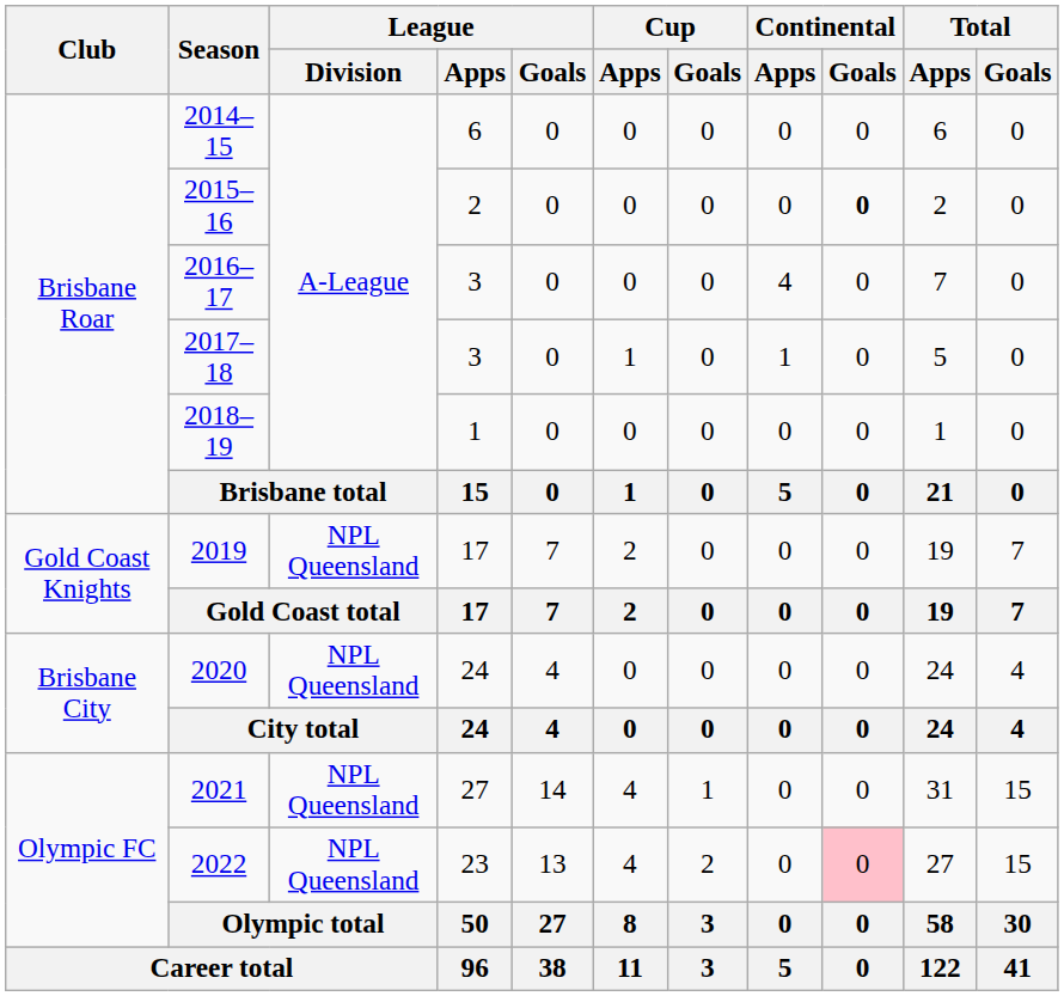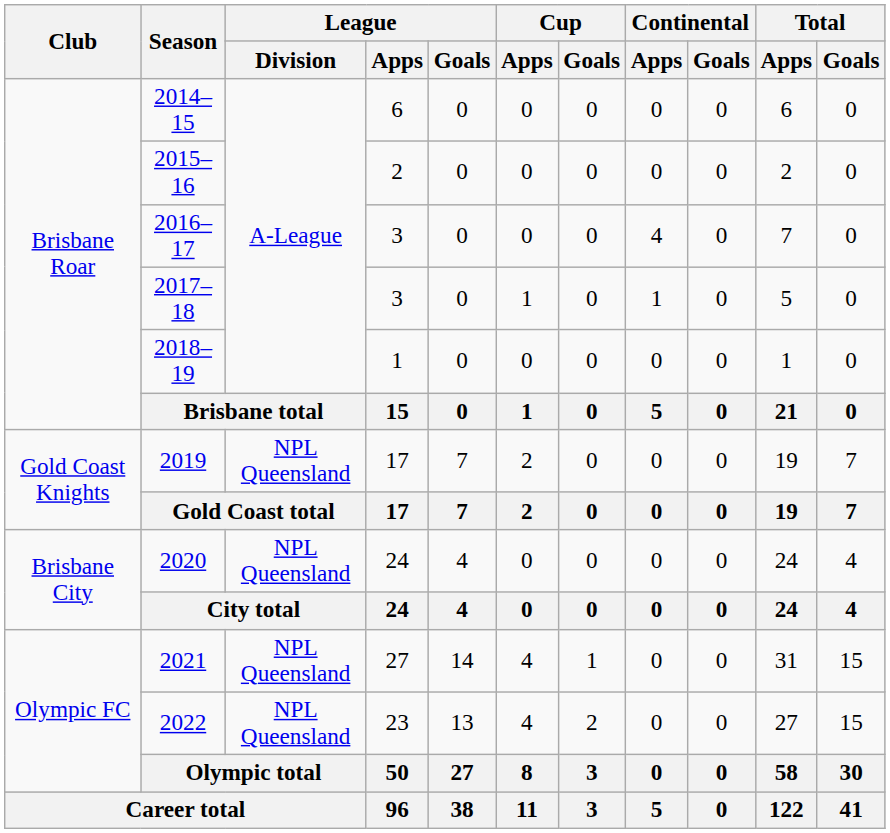 <table class="wikitable" style="text-align: center;">
 <tr>
 <th rowspan="2">Club</th>
 <th rowspan="2">Season</th>
 <th colspan="3">League</th>
 <th colspan="2">Cup</th>
 <th colspan="2">Continental</th>
 <th colspan="2">Total</th>
 </tr>
 <tr>
 <th>Division</th>
 <th>Apps</th>
 <th>Goals</th>
 <th>Apps</th>
 <th>Goals</th>
 <th>Apps</th>
 <th>Goals</th>
 <th>Apps</th>
 <th>Goals</th>
 </tr>
 <tr>
 <td rowspan=6><a href='#'>Brisbane Roar</a></td>
 <td><a href='#'>2014–15</a></td>
 <td rowspan=5><a href='#'>A-League</a></td>
 <td>6</td>
 <td>0</td>
 <td>0</td>
 <td>0</td>
 <td>0</td>
 <td>0</td>
 <td>6</td>
 <td>0</td>
 </tr>
 <tr>
 <td><a href='#'>2015–16</a></td>
 <td>2</td>
 <td>0</td>
 <td>0</td>
 <td>0</td>
 <td>0</td>
-<td><strong>0</strong></td>
+<td>0</td>
 <td>2</td>
 <td>0</td>
 </tr>
 <tr>
 <td><a href='#'>2016–17</a></td>
 <td>3</td>
 <td>0</td>
 <td>0</td>
 <td>0</td>
 <td>4</td>
 <td>0</td>
 <td>7</td>
 <td>0</td>
 </tr>
 <tr>
 <td><a href='#'>2017–18</a></td>
 <td>3</td>
 <td>0</td>
 <td>1</td>
 <td>0</td>
 <td>1</td>
 <td>0</td>
 <td>5</td>
 <td>0</td>
 </tr>
 <tr>
 <td><a href='#'>2018–19</a></td>
 <td>1</td>
 <td>0</td>
 <td>0</td>
 <td>0</td>
 <td>0</td>
 <td>0</td>
 <td>1</td>
 <td>0</td>
 </tr>
 <tr>
 <th colspan=2>Brisbane total</th>
 <th>15</th>
 <th>0</th>
 <th>1</th>
 <th>0</th>
 <th>5</th>
 <th>0</th>
 <th>21</th>
 <th>0</th>
 </tr>
 <tr>
 <td rowspan="2" valign="center"><a href='#'>Gold Coast Knights</a></td>
 <td><a href='#'>2019</a></td>
 <td rowspan=1><a href='#'>NPL Queensland</a></td>
 <td>17</td>
 <td>7</td>
 <td>2</td>
 <td>0</td>
 <td>0</td>
 <td>0</td>
 <td>19</td>
 <td>7</td>
 </tr>
 <tr>
 <th colspan=2>Gold Coast total</th>
 <th>17</th>
 <th>7</th>
 <th>2</th>
 <th>0</th>
 <th>0</th>
 <th>0</th>
 <th>19</th>
 <th>7</th>
 </tr>
 <tr>
 <td rowspan="2" valign="center"><a href='#'>Brisbane City</a></td>
 <td><a href='#'>2020</a></td>
 <td rowspan=1><a href='#'>NPL Queensland</a></td>
 <td>24</td>
 <td>4</td>
 <td>0</td>
 <td>0</td>
 <td>0</td>
 <td>0</td>
 <td>24</td>
 <td>4</td>
 </tr>
 <tr>
 <th colspan=2>City total</th>
 <th>24</th>
 <th>4</th>
 <th>0</th>
 <th>0</th>
 <th>0</th>
 <th>0</th>
 <th>24</th>
 <th>4</th>
 </tr>
 <tr>
 <td rowspan="3" valign="center"><a href='#'>Olympic FC</a></td>
 <td><a href='#'>2021</a></td>
 <td rowspan=1><a href='#'>NPL Queensland</a></td>
 <td>27</td>
 <td>14</td>
 <td>4</td>
 <td>1</td>
 <td>0</td>
 <td>0</td>
 <td>31</td>
 <td>15</td>
 </tr>
 <tr>
 <td><a href='#'>2022</a></td>
 <td rowspan=1><a href='#'>NPL Queensland</a></td>
 <td>23</td>
 <td>13</td>
 <td>4</td>
 <td>2</td>
 <td>0</td>
-<td style="background: pink;">0</td>
+<td>0</td>
 <td>27</td>
 <td>15</td>
 </tr>
 <tr>
 <th colspan=2>Olympic total</th>
 <th>50</th>
 <th>27</th>
 <th>8</th>
 <th>3</th>
 <th>0</th>
 <th>0</th>
 <th>58</th>
 <th>30</th>
 </tr>
 <tr>
 <th colspan="3">Career total</th>
 <th>96</th>
 <th>38</th>
 <th>11</th>
 <th>3</th>
 <th>5</th>
 <th>0</th>
 <th>122</th>
 <th>41</th>
 </tr>
 </table>
